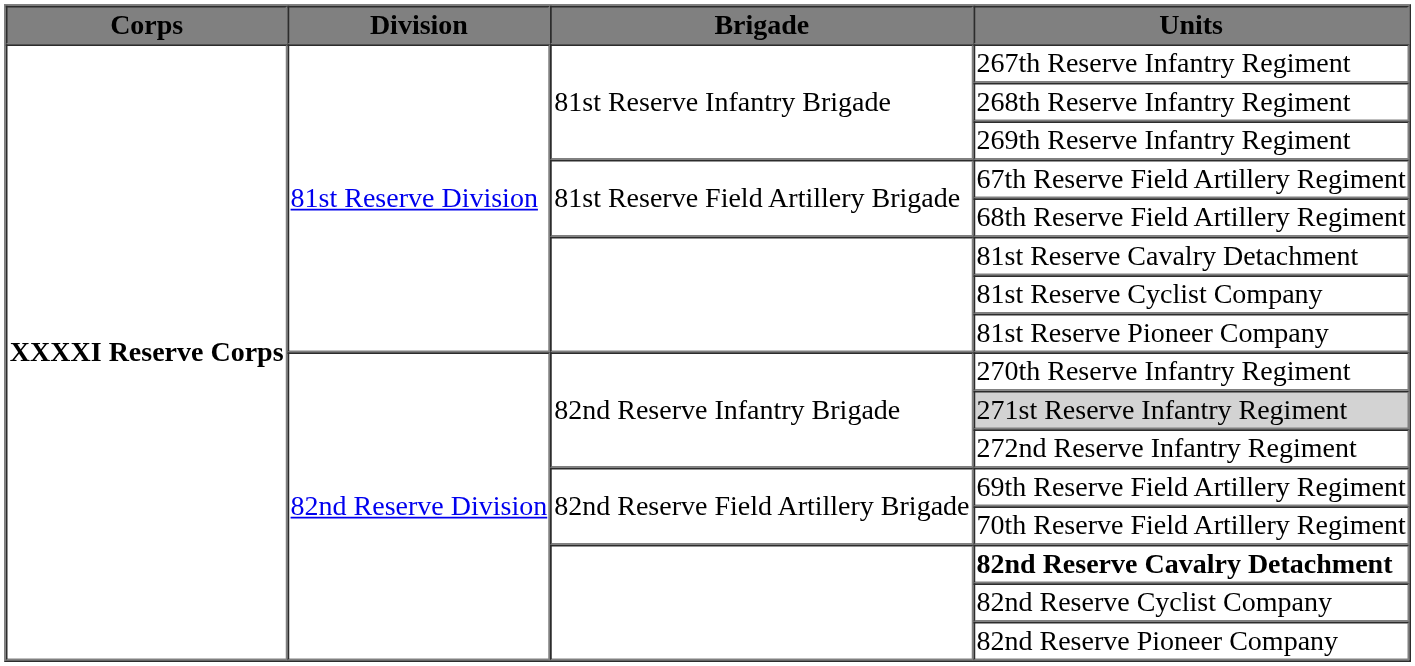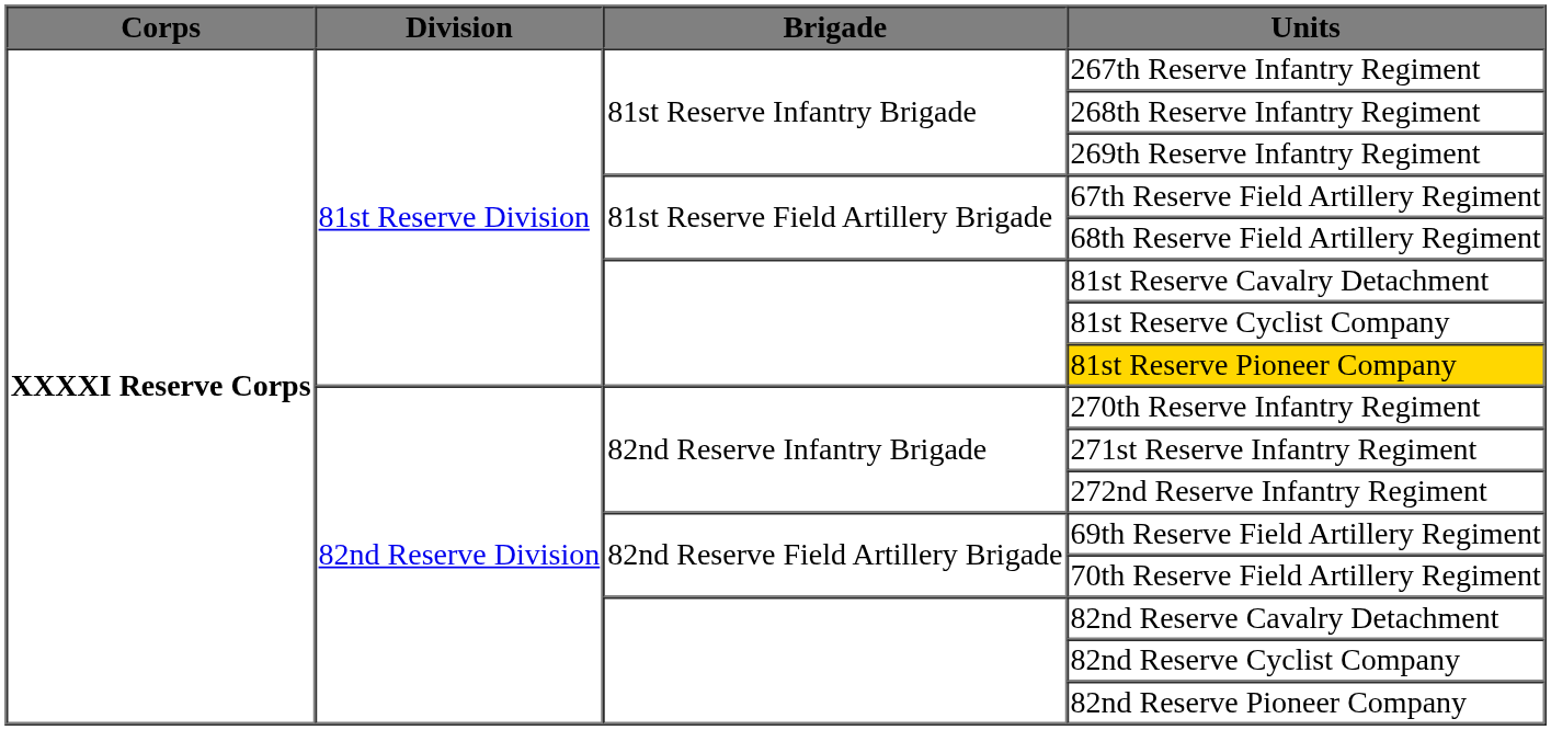 <table style="float: right;" border="1" cellpadding="1" cellspacing="0" style="font-size: 100%; border: gray solid 1px; border-collapse: collapse; text-align: center;">
 <tr style="background-color:grey; color:black;">
 <th>Corps</th>
 <th>Division</th>
 <th>Brigade</th>
 <th>Units</th>
 </tr>
 <tr>
 <td ROWSPAN=16><strong>XXXXI Reserve Corps</strong></td>
 <td ROWSPAN=8><a href='#'>81st Reserve Division</a></td>
 <td ROWSPAN=3>81st Reserve Infantry Brigade</td>
 <td>267th Reserve Infantry Regiment</td>
 </tr>
 <tr>
 <td>268th Reserve Infantry Regiment</td>
 </tr>
 <tr>
 <td>269th Reserve Infantry Regiment</td>
 </tr>
 <tr>
 <td ROWSPAN=2>81st Reserve Field Artillery Brigade</td>
 <td>67th Reserve Field Artillery Regiment</td>
 </tr>
 <tr>
 <td>68th Reserve Field Artillery Regiment</td>
 </tr>
 <tr>
 <td ROWSPAN=3></td>
 <td>81st Reserve Cavalry Detachment</td>
 </tr>
 <tr>
 <td>81st Reserve Cyclist Company</td>
 </tr>
 <tr>
-<td>81st Reserve Pioneer Company</td>
+<td style="background: gold;">81st Reserve Pioneer Company</td>
 </tr>
 <tr>
 <td ROWSPAN=8><a href='#'>82nd Reserve Division</a></td>
 <td ROWSPAN=3>82nd Reserve Infantry Brigade</td>
 <td>270th Reserve Infantry Regiment</td>
 </tr>
 <tr>
-<td style="background: lightgrey;">271st Reserve Infantry Regiment</td>
+<td>271st Reserve Infantry Regiment</td>
 </tr>
 <tr>
 <td>272nd Reserve Infantry Regiment</td>
 </tr>
 <tr>
 <td ROWSPAN=2>82nd Reserve Field Artillery Brigade</td>
 <td>69th Reserve Field Artillery Regiment</td>
 </tr>
 <tr>
 <td>70th Reserve Field Artillery Regiment</td>
 </tr>
 <tr>
 <td ROWSPAN=3></td>
-<td><strong>82nd Reserve Cavalry Detachment</strong></td>
+<td>82nd Reserve Cavalry Detachment</td>
 </tr>
 <tr>
 <td>82nd Reserve Cyclist Company</td>
 </tr>
 <tr>
 <td>82nd Reserve Pioneer Company</td>
 </tr>
 <tr>
 </tr>
 </table>
